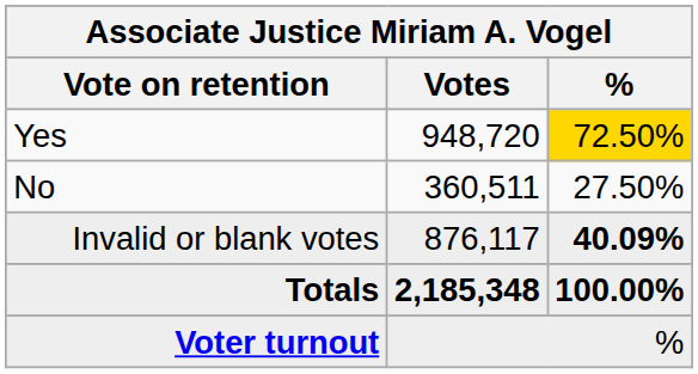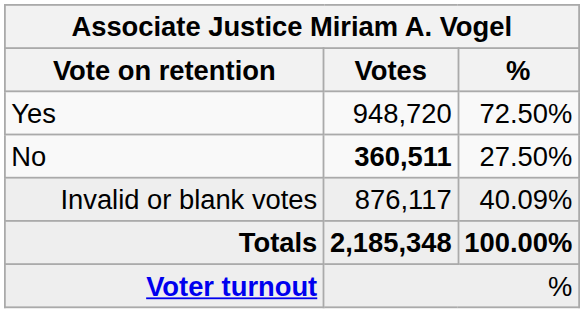 <table class="wikitable" style="font-size: 95%;">
 <tr style="background-color:#E9E9E9">
 <th colspan=7>Associate Justice Miriam A. Vogel</th>
 </tr>
 <tr style="background-color:#E9E9E9">
 <th style="width: 170px">Vote on retention</th>
 <th style="width: 50px">Votes</th>
 <th style="width: 40px">%</th>
 </tr>
 <tr>
 <td>Yes</td>
 <td align="right">948,720</td>
-<td align="right" style="background: gold;">72.50%</td>
+<td align="right">72.50%</td>
 </tr>
 <tr>
 <td>No</td>
-<td align="right">360,511</td>
+<td align="right"><strong>360,511</strong></td>
 <td align="right">27.50%</td>
 </tr>
 <tr bgcolor="#EEEEEE">
 <td align="right">Invalid or blank votes</td>
 <td align="right">876,117</td>
-<td align="right"><strong>40.09%</strong></td>
+<td align="right">40.09%</td>
 </tr>
 <tr bgcolor="#EEEEEE">
 <td align="right"><strong>Totals</strong></td>
 <td align="right"><strong>2,185,348</strong></td>
 <td align="right"><strong>100.00%</strong></td>
 </tr>
 <tr bgcolor="#EEEEEE">
 <td align="right"><strong><a href='#'>Voter turnout</a></strong></td>
 <td colspan="2" align="right">%</td>
 </tr>
 </table>
